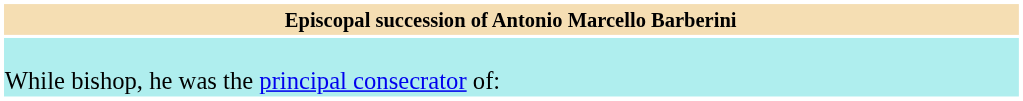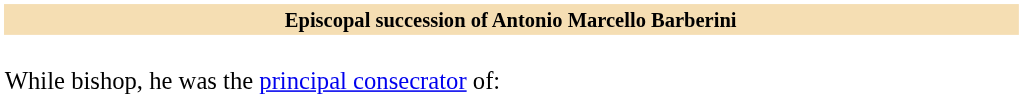 <table class="toccolours collapsible collapsed" width=75% align="center">
 <tr>
 <th style="background:#F5DEB3"><small>Episcopal succession of Antonio Marcello Barberini</small></th>
 </tr>
 <tr>
-<td style="background: paleturquoise;"><br>While bishop, he was the <a href='#'>principal consecrator</a> of: </td>
+<td><br>While bishop, he was the <a href='#'>principal consecrator</a> of: </td>
 </tr>
 </table>
